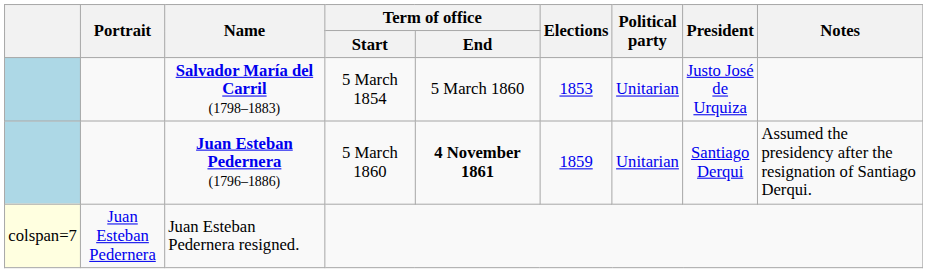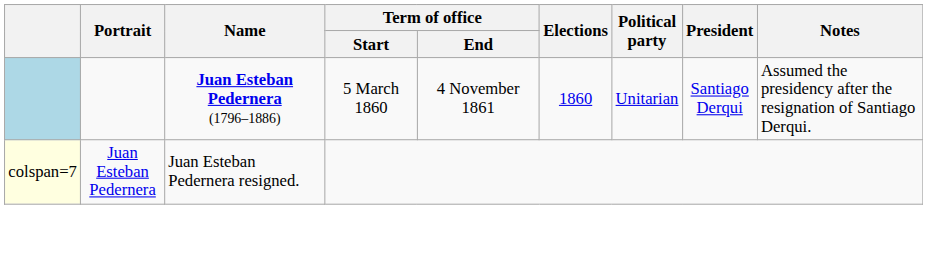 <table class="wikitable" width="100%" style="text-align: center;">
 <tr>
 <th rowspan="2" width="2.5%"></th>
 <th rowspan="2" width="10%">Portrait</th>
 <th rowspan="2" width="25%">Name<br></th>
 <th colspan="2" width="31.4%">Term of office</th>
 <th rowspan="2">Elections</th>
 <th rowspan="2">Political<br>party</th>
 <th rowspan="2">President</th>
 <th rowspan="2" width="26%">Notes<br></th>
 </tr>
 <tr>
 <th>Start</th>
 <th>End</th>
 </tr>
 <tr>
 <th style="background:Lightblue;"></th>
 <td></td>
-<td><strong><a href='#'>Salvador María del Carril</a></strong><br><small>(1798–1883)</small></td>
-<td>5 March 1854</td>
-<td>5 March 1860</td>
-<td><a href='#'>1853</a></td>
-<td><a href='#'>Unitarian</a></td>
-<td><a href='#'>Justo José de Urquiza</a></td>
-<td align=left></td>
-</tr>
-<tr>
-<th style="background:Lightblue;"></th>
-<td></td>
 <td><strong><a href='#'>Juan Esteban Pedernera</a></strong><br><small>(1796–1886)</small></td>
 <td>5 March 1860</td>
-<td><strong>4 November 1861</strong></td>
-<td><a href='#'>1859</a></td>
+<td>4 November 1861</td>
+<td><a href='#'>1860</a></td>
 <td><a href='#'>Unitarian</a></td>
 <td><a href='#'>Santiago Derqui</a></td>
 <td align=left>Assumed the presidency after the resignation of Santiago Derqui.</td>
 </tr>
 <tr>
 <td style="background: lightyellow;">colspan=7 </td>
 <td><a href='#'>Juan Esteban Pedernera</a></td>
 <td align=left>Juan Esteban Pedernera resigned.</td>
 </tr>
 </table>
